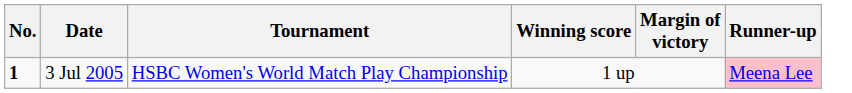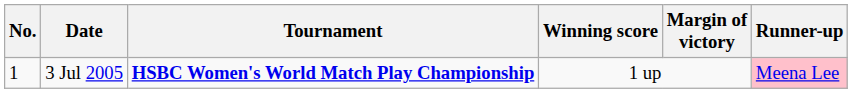 <table class="wikitable" style="font-size:95%;">
 <tr>
 <th>No.</th>
 <th>Date</th>
 <th>Tournament</th>
 <th>Winning score</th>
 <th>Margin of<br>victory</th>
 <th>Runner-up</th>
 </tr>
 <tr>
-<td><strong>1</strong></td>
+<td>1</td>
 <td>3 Jul <a href='#'>2005</a></td>
-<td><a href='#'>HSBC Women's World Match Play Championship</a></td>
+<td><strong><a href='#'>HSBC Women's World Match Play Championship</a></strong></td>
 <td colspan=2 align=center>1 up</td>
 <td style="background: pink;"> <a href='#'>Meena Lee</a></td>
 </tr>
 </table>
